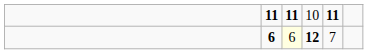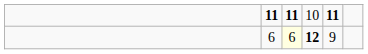 <table class="wikitable">
 <tr>
 <td style="width:18em"><strong></strong></td>
 <td align=center style="width:1em"><strong>11</strong></td>
 <td align=center style="width:1em"><strong>11</strong></td>
 <td align=center style="width:1em">10</td>
 <td align=center style="width:1em"><strong>11</strong></td>
 <td align=center style="width:1em"></td>
 </tr>
 <tr>
 <td style="width:18em"></td>
-<td align=center style="width:1em"><strong>6</strong></td>
+<td align=center style="width:1em">6</td>
 <td align=center style="background: lightyellow; width:1em">6</td>
 <td align=center style="width:1em"><strong>12</strong></td>
-<td align=center style="width:1em">7</td>
+<td align=center style="width:1em">9</td>
 <td align=center style="width:1em"></td>
 </tr>
 </table>
